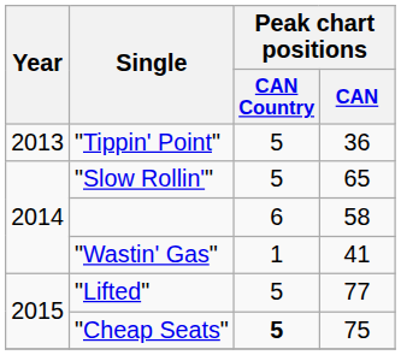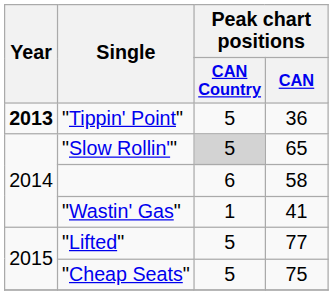 <table class="wikitable" style="text-align:center;">
 <tr>
 <th rowspan="2">Year</th>
 <th rowspan="2">Single</th>
 <th colspan="2">Peak chart<br>positions</th>
 </tr>
 <tr style="font-size:smaller;">
 <th width="45"><a href='#'>CAN Country</a><br></th>
 <th width="45"><a href='#'>CAN</a><br></th>
 </tr>
 <tr>
-<td>2013</td>
+<td><strong>2013</strong></td>
 <td align="left">"<a href='#'>Tippin' Point</a>"</td>
 <td>5</td>
 <td>36</td>
 </tr>
 <tr>
 <td rowspan="3">2014</td>
 <td align="left">"<a href='#'>Slow Rollin'</a>"</td>
-<td>5</td>
+<td style="background: lightgrey;">5</td>
 <td>65</td>
 </tr>
 <tr>
 <td align="left"></td>
 <td>6</td>
 <td>58</td>
 </tr>
 <tr>
 <td align="left">"<a href='#'>Wastin' Gas</a>"</td>
 <td>1</td>
 <td>41</td>
 </tr>
 <tr>
 <td rowspan="2">2015</td>
 <td align="left">"<a href='#'>Lifted</a>"</td>
 <td>5</td>
 <td>77</td>
 </tr>
 <tr>
 <td align="left">"<a href='#'>Cheap Seats</a>"</td>
-<td><strong>5</strong></td>
+<td>5</td>
 <td>75</td>
 </tr>
 <tr>
 </tr>
 </table>
